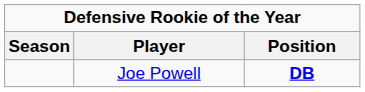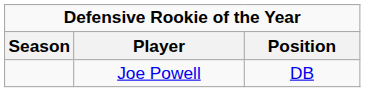 <table class="wikitable sortable" style="text-align:center">
 <tr>
 <td colspan="4"><strong>Defensive Rookie of the Year</strong></td>
 </tr>
 <tr>
 <th style="width:50px; ">Season</th>
 <th style="width:150px; ">Player</th>
 <th style="width:100px; ">Position</th>
 </tr>
 <tr>
 <td></td>
 <td><a href='#'>Joe Powell</a></td>
-<td><strong><a href='#'>DB</a></strong></td>
+<td><a href='#'>DB</a></td>
 </tr>
 </table>
